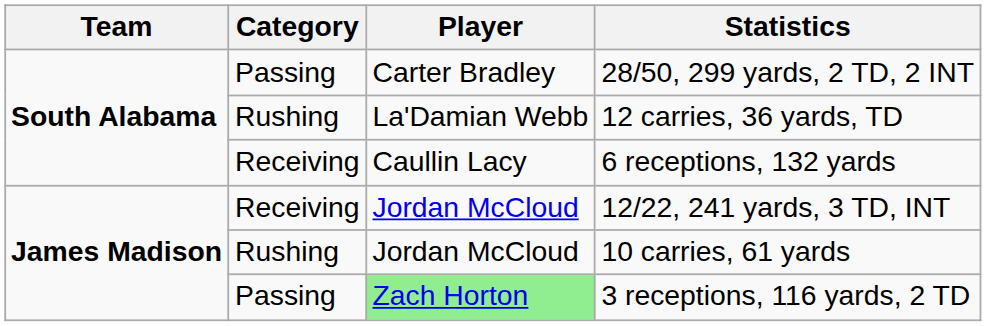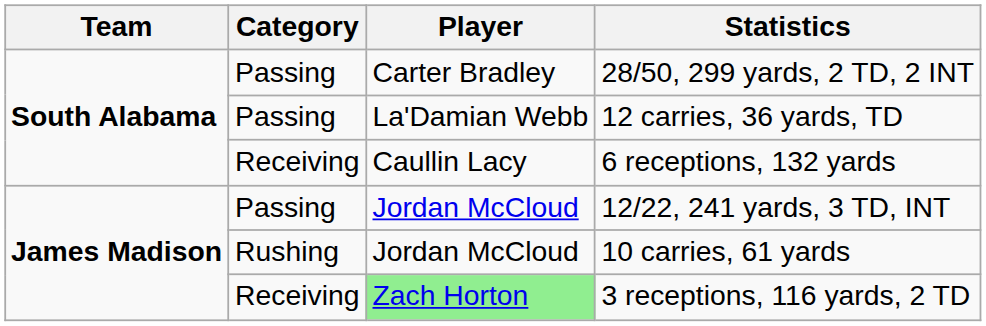 <table class="wikitable" style="float: right;">
 <tr>
 <th>Team</th>
 <th>Category</th>
 <th>Player</th>
 <th>Statistics</th>
 </tr>
 <tr>
 <td rowspan=3><strong>South Alabama</strong></td>
 <td>Passing</td>
 <td>Carter Bradley</td>
 <td>28/50, 299 yards, 2 TD, 2 INT</td>
 </tr>
 <tr>
-<td>Rushing</td>
+<td>Passing</td>
 <td>La'Damian Webb</td>
 <td>12 carries, 36 yards, TD</td>
 </tr>
 <tr>
 <td>Receiving</td>
 <td>Caullin Lacy</td>
 <td>6 receptions, 132 yards</td>
 </tr>
 <tr>
 <td rowspan=3><strong>James Madison</strong></td>
-<td>Receiving</td>
+<td>Passing</td>
 <td><a href='#'>Jordan McCloud</a></td>
 <td>12/22, 241 yards, 3 TD, INT</td>
 </tr>
 <tr>
 <td>Rushing</td>
 <td>Jordan McCloud</td>
 <td>10 carries, 61 yards</td>
 </tr>
 <tr>
-<td>Passing</td>
+<td>Receiving</td>
 <td style="background: lightgreen;"><a href='#'>Zach Horton</a></td>
 <td>3 receptions, 116 yards, 2 TD</td>
 </tr>
 </table>
